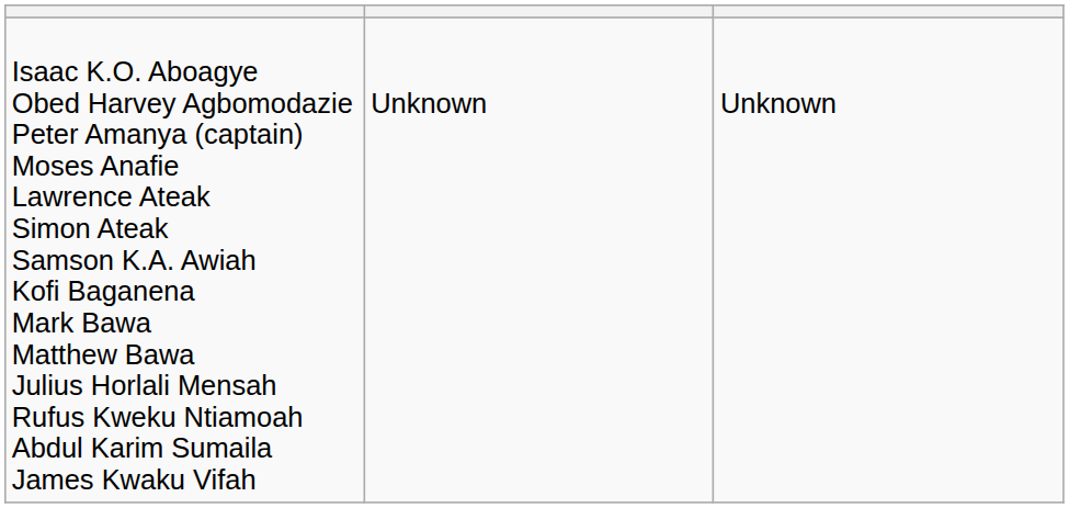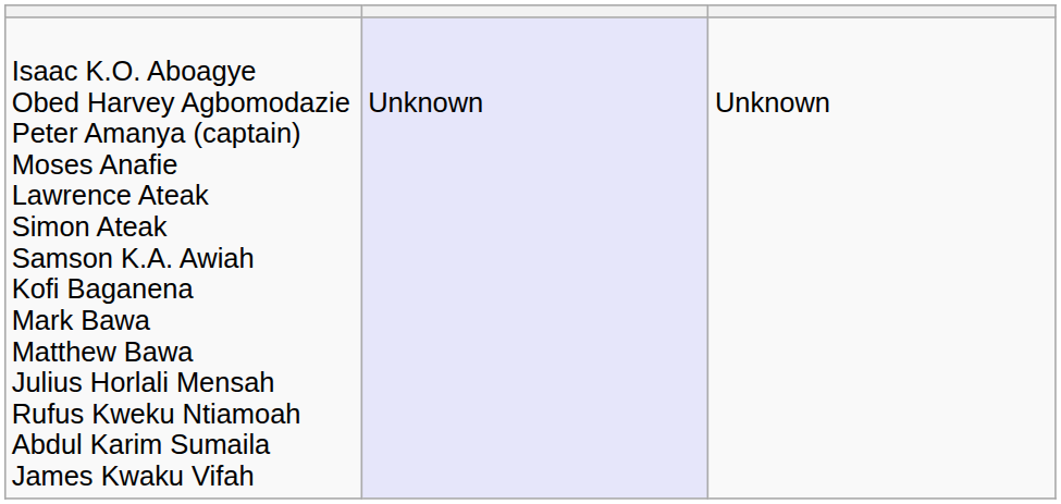 <table class="wikitable">
 <tr>
 <th width=220></th>
 <th width=220></th>
 <th width=220></th>
 </tr>
 <tr>
 <td valign=top><br>Isaac K.O. Aboagye<br> Obed Harvey Agbomodazie<br> Peter Amanya (captain)<br> Moses Anafie<br> Lawrence Ateak<br> Simon Ateak<br> Samson K.A. Awiah<br> Kofi Baganena<br> Mark Bawa<br> Matthew Bawa<br> Julius Horlali Mensah<br> Rufus Kweku Ntiamoah<br> Abdul Karim Sumaila<br> James Kwaku Vifah</td>
-<td valign=top><br><br>Unknown</td>
+<td valign=top style="background: lavender;"><br><br>Unknown</td>
 <td valign=top><br><br>Unknown</td>
 </tr>
 </table>
